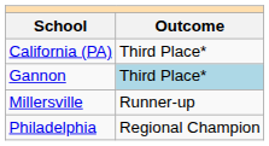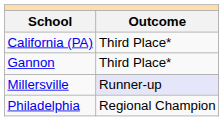 <table class="wikitable" style="float:left; margin-right:1em;">
 <tr>
 <th colspan="3" style="background:#ffdead;"></th>
 </tr>
 <tr>
 <th>School</th>
 <th>Outcome</th>
 </tr>
 <tr>
 <td><a href='#'>California (PA)</a></td>
 <td>Third Place*</td>
 </tr>
 <tr>
 <td><a href='#'>Gannon</a></td>
-<td style="background: lightblue;">Third Place*</td>
+<td>Third Place*</td>
 </tr>
 <tr>
 <td><a href='#'>Millersville</a></td>
-<td>Runner-up</td>
+<td style="background: lavender;">Runner-up</td>
 </tr>
 <tr>
 <td><a href='#'>Philadelphia</a></td>
 <td>Regional Champion</td>
 </tr>
 </table>
